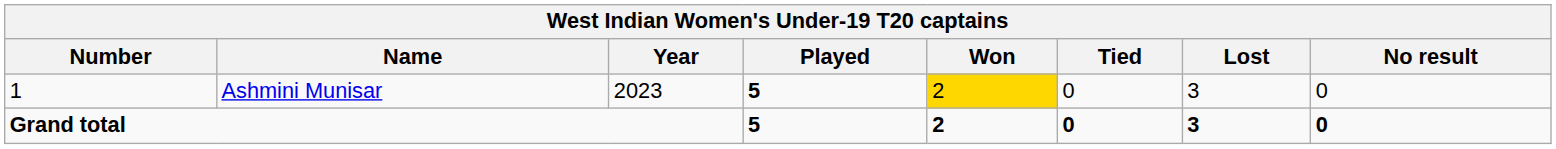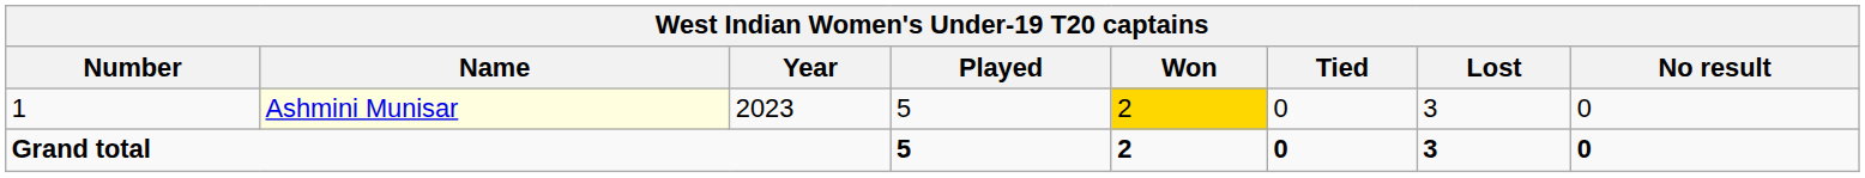 <table class="wikitable" width="90%">
 <tr>
 <th bgcolor="#efefef" colspan=8>West Indian Women's Under-19 T20 captains</th>
 </tr>
 <tr bgcolor="#efefef">
 <th>Number</th>
 <th>Name</th>
 <th>Year</th>
 <th>Played</th>
 <th>Won</th>
 <th>Tied</th>
 <th>Lost</th>
 <th>No result</th>
 </tr>
 <tr>
 <td>1</td>
-<td><a href='#'>Ashmini Munisar</a></td>
+<td style="background: lightyellow;"><a href='#'>Ashmini Munisar</a></td>
 <td>2023</td>
-<td><strong>5</strong></td>
+<td>5</td>
 <td style="background: gold;">2</td>
 <td>0</td>
 <td>3</td>
 <td>0</td>
 </tr>
 <tr>
 <td colspan=3><strong>Grand total</strong></td>
 <td><strong>5</strong></td>
 <td><strong>2</strong></td>
 <td><strong>0</strong></td>
 <td><strong>3</strong></td>
 <td><strong>0</strong></td>
 </tr>
 </table>
